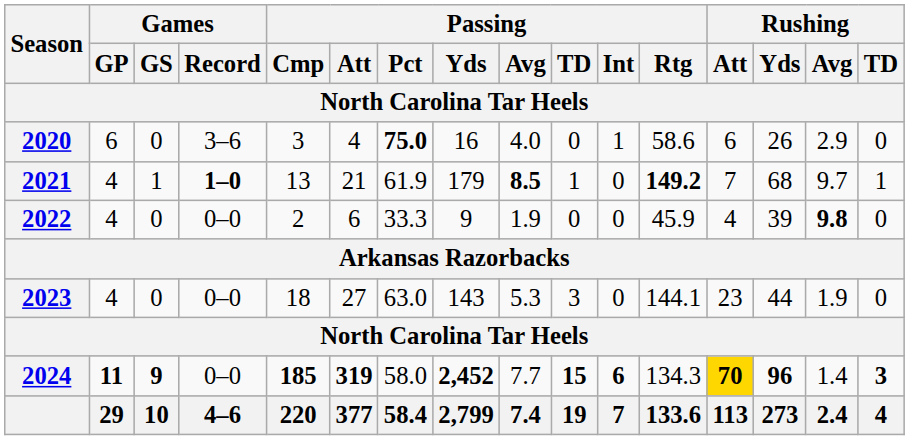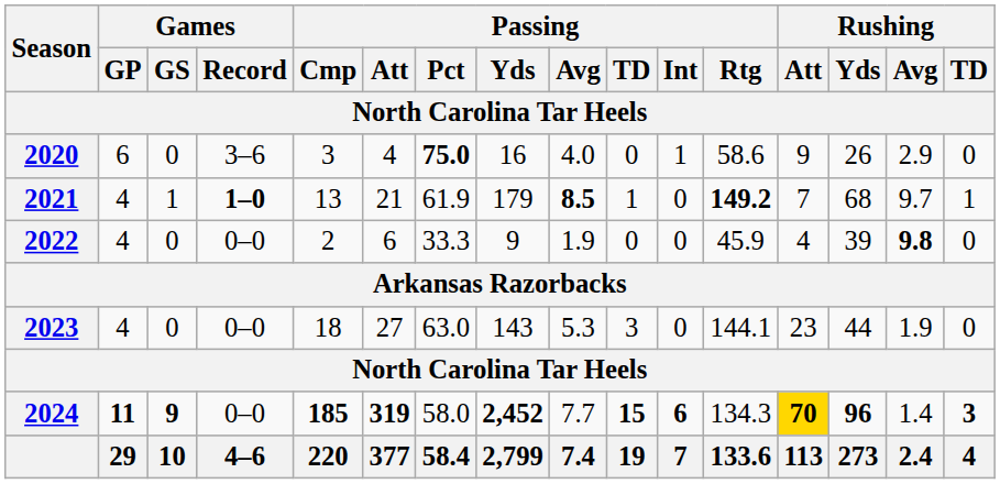 <table class="wikitable" style="text-align:center;">
 <tr>
 <th rowspan="2">Season</th>
 <th colspan="3">Games</th>
 <th colspan="8">Passing</th>
 <th colspan="5">Rushing</th>
 </tr>
 <tr>
 <th>GP</th>
 <th>GS</th>
 <th>Record</th>
 <th>Cmp</th>
 <th>Att</th>
 <th>Pct</th>
 <th>Yds</th>
 <th>Avg</th>
 <th>TD</th>
 <th>Int</th>
 <th>Rtg</th>
 <th>Att</th>
 <th>Yds</th>
 <th>Avg</th>
 <th>TD</th>
 </tr>
 <tr>
 <th colspan="16">North Carolina Tar Heels</th>
 </tr>
 <tr>
 <th><a href='#'>2020</a></th>
 <td>6</td>
 <td>0</td>
 <td>3–6</td>
 <td>3</td>
 <td>4</td>
 <td><strong>75.0</strong></td>
 <td>16</td>
 <td>4.0</td>
 <td>0</td>
 <td>1</td>
 <td>58.6</td>
-<td>6</td>
+<td>9</td>
 <td>26</td>
 <td>2.9</td>
 <td>0</td>
 </tr>
 <tr>
 <th><a href='#'>2021</a></th>
 <td>4</td>
 <td>1</td>
 <td><strong>1–0</strong></td>
 <td>13</td>
 <td>21</td>
 <td>61.9</td>
 <td>179</td>
 <td><strong>8.5</strong></td>
 <td>1</td>
 <td>0</td>
 <td><strong>149.2</strong></td>
 <td>7</td>
 <td>68</td>
 <td>9.7</td>
 <td>1</td>
 </tr>
 <tr>
 <th><a href='#'>2022</a></th>
 <td>4</td>
 <td>0</td>
 <td>0–0</td>
 <td>2</td>
 <td>6</td>
 <td>33.3</td>
 <td>9</td>
 <td>1.9</td>
 <td>0</td>
 <td>0</td>
 <td>45.9</td>
 <td>4</td>
 <td>39</td>
 <td><strong>9.8</strong></td>
 <td>0</td>
 </tr>
 <tr>
 <th colspan="16">Arkansas Razorbacks</th>
 </tr>
 <tr>
 <th><a href='#'>2023</a></th>
 <td>4</td>
 <td>0</td>
 <td>0–0</td>
 <td>18</td>
 <td>27</td>
 <td>63.0</td>
 <td>143</td>
 <td>5.3</td>
 <td>3</td>
 <td>0</td>
 <td>144.1</td>
 <td>23</td>
 <td>44</td>
 <td>1.9</td>
 <td>0</td>
 </tr>
 <tr>
 <th colspan="16">North Carolina Tar Heels</th>
 </tr>
 <tr>
 <th><a href='#'>2024</a></th>
 <td><strong>11</strong></td>
 <td><strong>9</strong></td>
 <td>0–0</td>
 <td><strong>185</strong></td>
 <td><strong>319</strong></td>
 <td>58.0</td>
 <td><strong>2,452</strong></td>
 <td>7.7</td>
 <td><strong>15</strong></td>
 <td><strong>6</strong></td>
 <td>134.3</td>
 <td style="background: gold;"><strong>70</strong></td>
 <td><strong>96</strong></td>
 <td>1.4</td>
 <td><strong>3</strong></td>
 </tr>
 <tr>
 <th></th>
 <th>29</th>
 <th>10</th>
 <th>4–6</th>
 <th>220</th>
 <th>377</th>
 <th>58.4</th>
 <th>2,799</th>
 <th>7.4</th>
 <th>19</th>
 <th>7</th>
 <th>133.6</th>
 <th>113</th>
 <th>273</th>
 <th>2.4</th>
 <th>4</th>
 </tr>
 </table>
